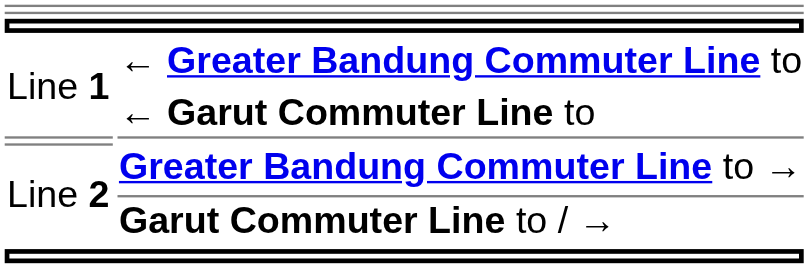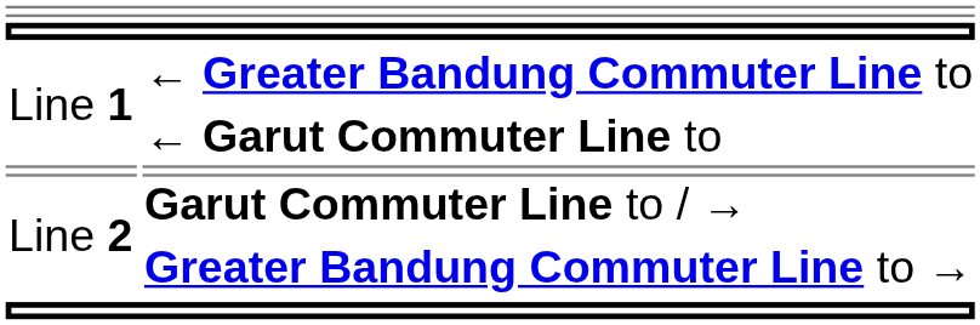 <table>
 <tr>
 <th colspan="2" style="border-top:solid 1px gray;border-bottom:solid 1px gray;align:center"> </th>
 </tr>
 <tr>
 <td colspan="2" style="align:center;border:solid 2px black"></td>
 </tr>
 <tr>
 <td rowspan="2" style="border-bottom:solid 1px gray">Line <strong>1</strong></td>
 <td>←   <strong><a href='#'>Greater Bandung Commuter Line</a></strong> to </td>
 </tr>
 <tr>
 <td style="border-bottom:solid 1px gray">←   <strong>Garut Commuter Line</strong> to </td>
 </tr>
 <tr>
 <td rowspan="2" style="border-top:solid 1px gray">Line <strong>2</strong></td>
-<td> <strong><a href='#'>Greater Bandung Commuter Line</a></strong> to   →</td>
+<td style="border-top:solid 1px gray"> <strong>Garut Commuter Line</strong> to /  →</td>
 </tr>
 <tr>
-<td style="border-top:solid 1px gray"> <strong>Garut Commuter Line</strong> to /  →</td>
+<td> <strong><a href='#'>Greater Bandung Commuter Line</a></strong> to   →</td>
 </tr>
 <tr>
 <td colspan="2" style="border:solid 2px black"></td>
 </tr>
 </table>
